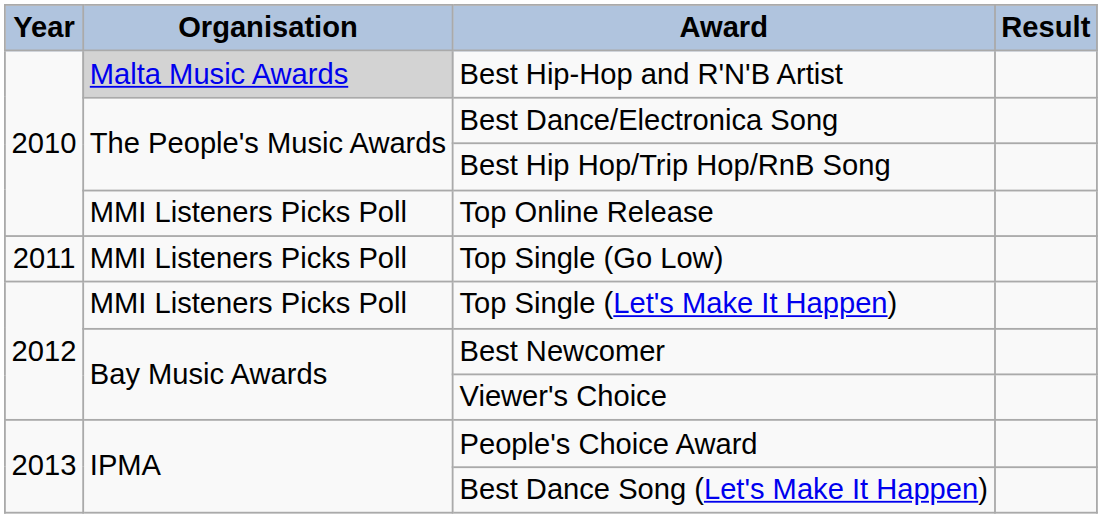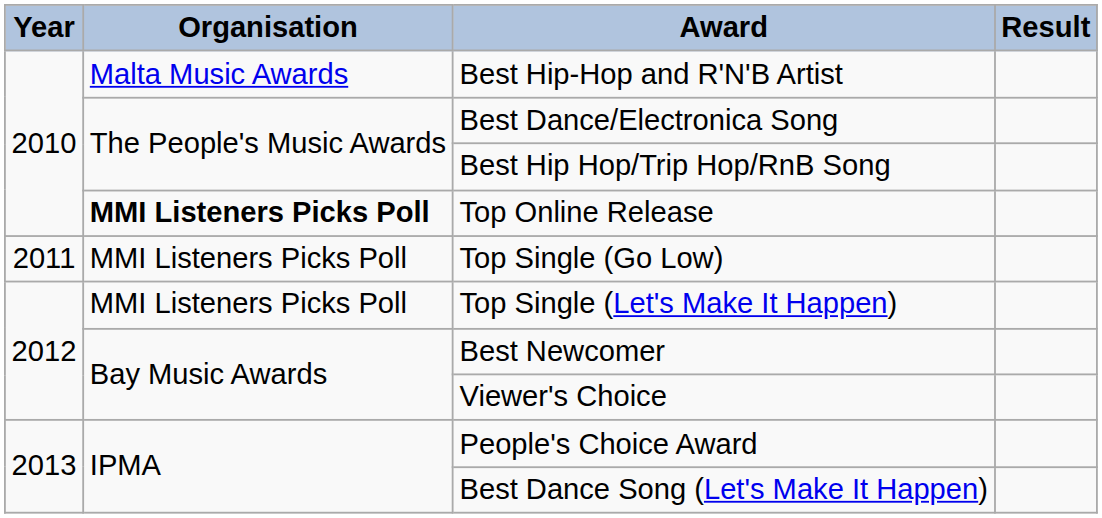 <table class="wikitable">
 <tr>
 <th style="background:#B0C4DE;">Year</th>
 <th style="background:#B0C4DE;">Organisation</th>
 <th style="background:#B0C4DE;">Award</th>
 <th style="background:#B0C4DE;">Result</th>
 </tr>
 <tr>
 <td rowspan="4" style="text-align:center;">2010</td>
-<td style="background: lightgrey;"><a href='#'>Malta Music Awards</a></td>
+<td><a href='#'>Malta Music Awards</a></td>
 <td>Best Hip-Hop and R'N'B Artist</td>
 <td></td>
 </tr>
 <tr>
 <td rowspan="2">The People's Music Awards</td>
 <td>Best Dance/Electronica Song</td>
 <td></td>
 </tr>
 <tr>
 <td>Best Hip Hop/Trip Hop/RnB Song</td>
 <td></td>
 </tr>
 <tr>
-<td>MMI Listeners Picks Poll</td>
+<td><strong>MMI Listeners Picks Poll</strong></td>
 <td>Top Online Release</td>
 <td></td>
 </tr>
 <tr>
 <td style="text-align:center;">2011</td>
 <td>MMI Listeners Picks Poll</td>
 <td>Top Single (Go Low)</td>
 <td></td>
 </tr>
 <tr>
 <td rowspan="3" style="text-align:center;">2012</td>
 <td>MMI Listeners Picks Poll</td>
 <td>Top Single (<a href='#'>Let's Make It Happen</a>)</td>
 <td></td>
 </tr>
 <tr>
 <td rowspan="2">Bay Music Awards</td>
 <td>Best Newcomer</td>
 <td></td>
 </tr>
 <tr>
 <td>Viewer's Choice</td>
 <td></td>
 </tr>
 <tr>
 <td rowspan="2" style="text-align:center;">2013</td>
 <td rowspan="2">IPMA</td>
 <td>People's Choice Award</td>
 <td></td>
 </tr>
 <tr>
 <td>Best Dance Song (<a href='#'>Let's Make It Happen</a>)</td>
 <td></td>
 </tr>
 </table>
